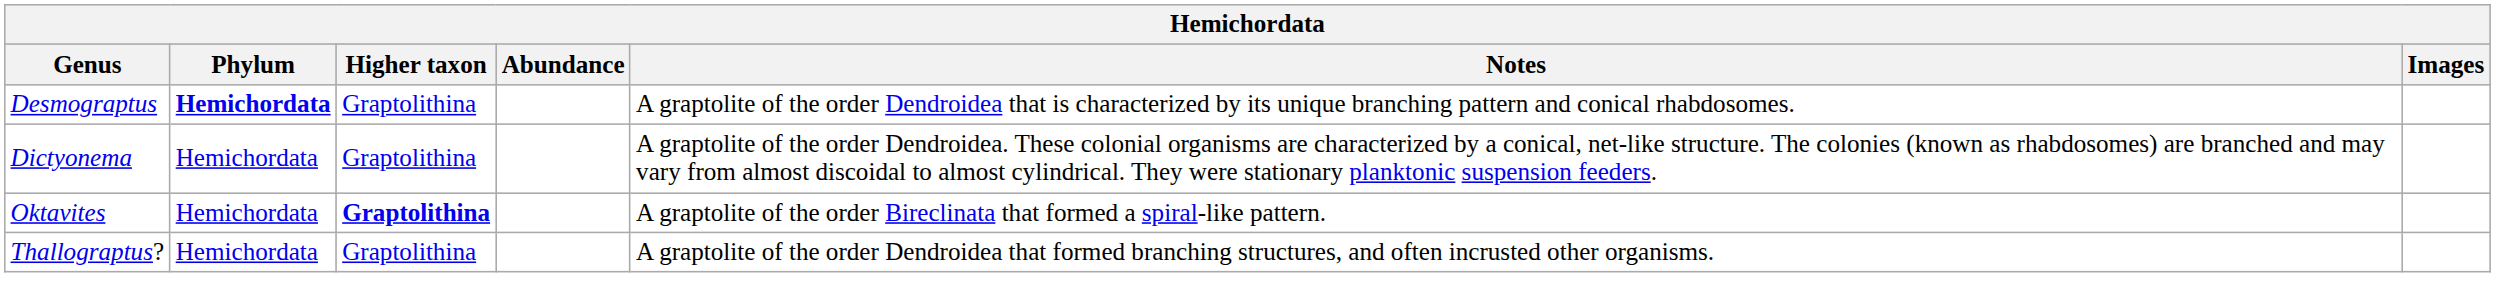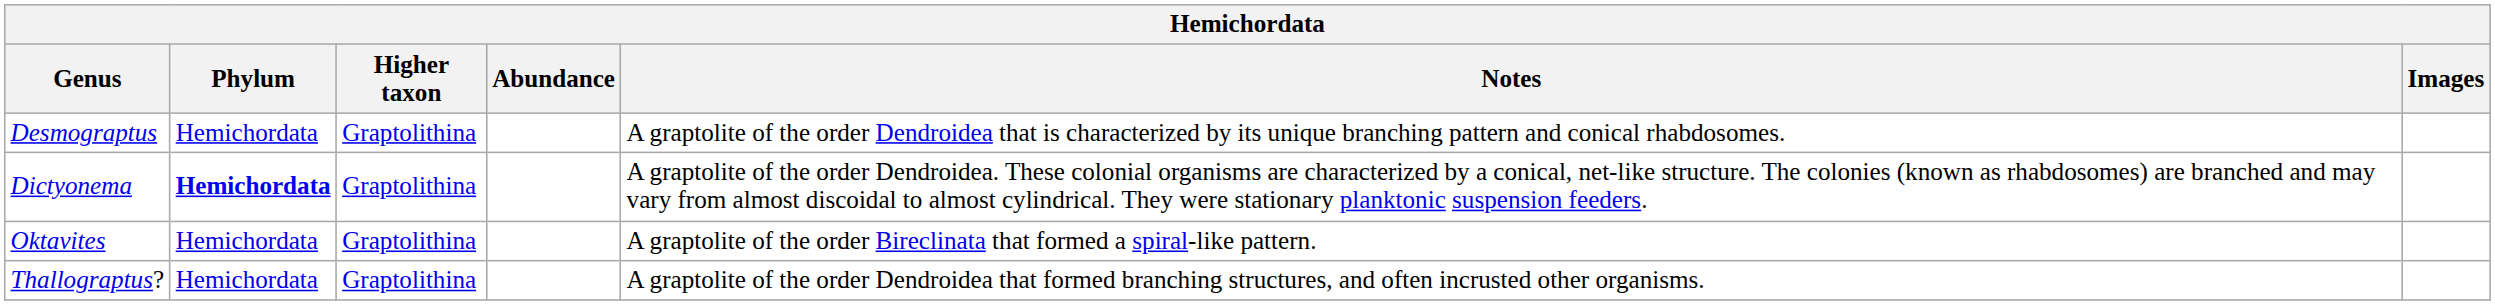 <table class="wikitable sortable" style="background:white; width:100%;">
 <tr>
 <th colspan="7" align="center">Hemichordata</th>
 </tr>
 <tr>
 <th>Genus</th>
 <th>Phylum</th>
 <th>Higher taxon</th>
 <th>Abundance</th>
 <th>Notes</th>
 <th>Images</th>
 </tr>
 <tr>
 <td><em><a href='#'>Desmograptus</a></em></td>
-<td><strong><a href='#'>Hemichordata</a></strong></td>
+<td><a href='#'>Hemichordata</a></td>
 <td><a href='#'>Graptolithina</a></td>
 <td></td>
 <td>A graptolite of the order <a href='#'>Dendroidea</a> that is characterized by its unique branching pattern and conical rhabdosomes.</td>
 <td></td>
 </tr>
 <tr>
 <td><em><a href='#'>Dictyonema</a></em></td>
-<td><a href='#'>Hemichordata</a></td>
+<td><strong><a href='#'>Hemichordata</a></strong></td>
 <td><a href='#'>Graptolithina</a></td>
 <td></td>
 <td>A graptolite of the order Dendroidea. These colonial organisms are characterized by a conical, net-like structure. The colonies (known as rhabdosomes) are branched and may vary from almost discoidal to almost cylindrical. They were stationary <a href='#'>planktonic</a> <a href='#'>suspension feeders</a>.</td>
 <td></td>
 </tr>
 <tr>
 <td><em><a href='#'>Oktavites</a></em></td>
 <td><a href='#'>Hemichordata</a></td>
-<td><strong><a href='#'>Graptolithina</a></strong></td>
+<td><a href='#'>Graptolithina</a></td>
 <td></td>
 <td>A graptolite of the order <a href='#'>Bireclinata</a> that formed a <a href='#'>spiral</a>-like pattern.</td>
 <td></td>
 </tr>
 <tr>
 <td><em><a href='#'>Thallograptus</a></em>?</td>
 <td><a href='#'>Hemichordata</a></td>
 <td><a href='#'>Graptolithina</a></td>
 <td></td>
 <td>A graptolite of the order Dendroidea that formed branching structures, and often incrusted other organisms.</td>
 <td></td>
 </tr>
 </table>
